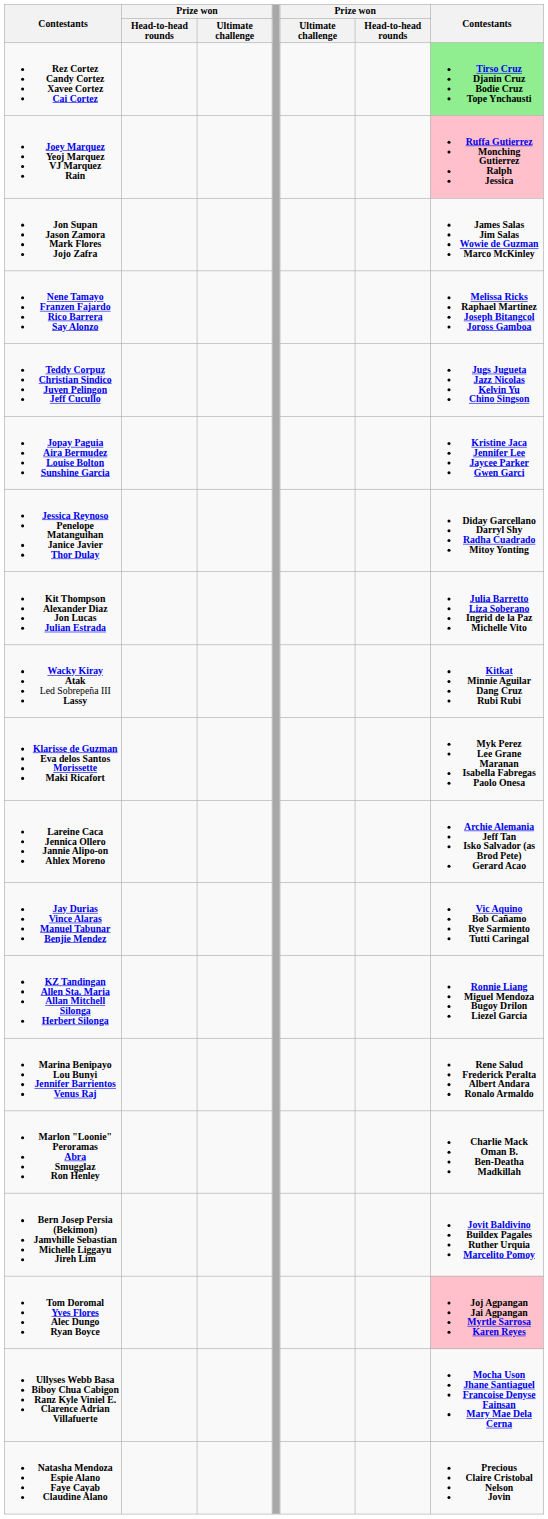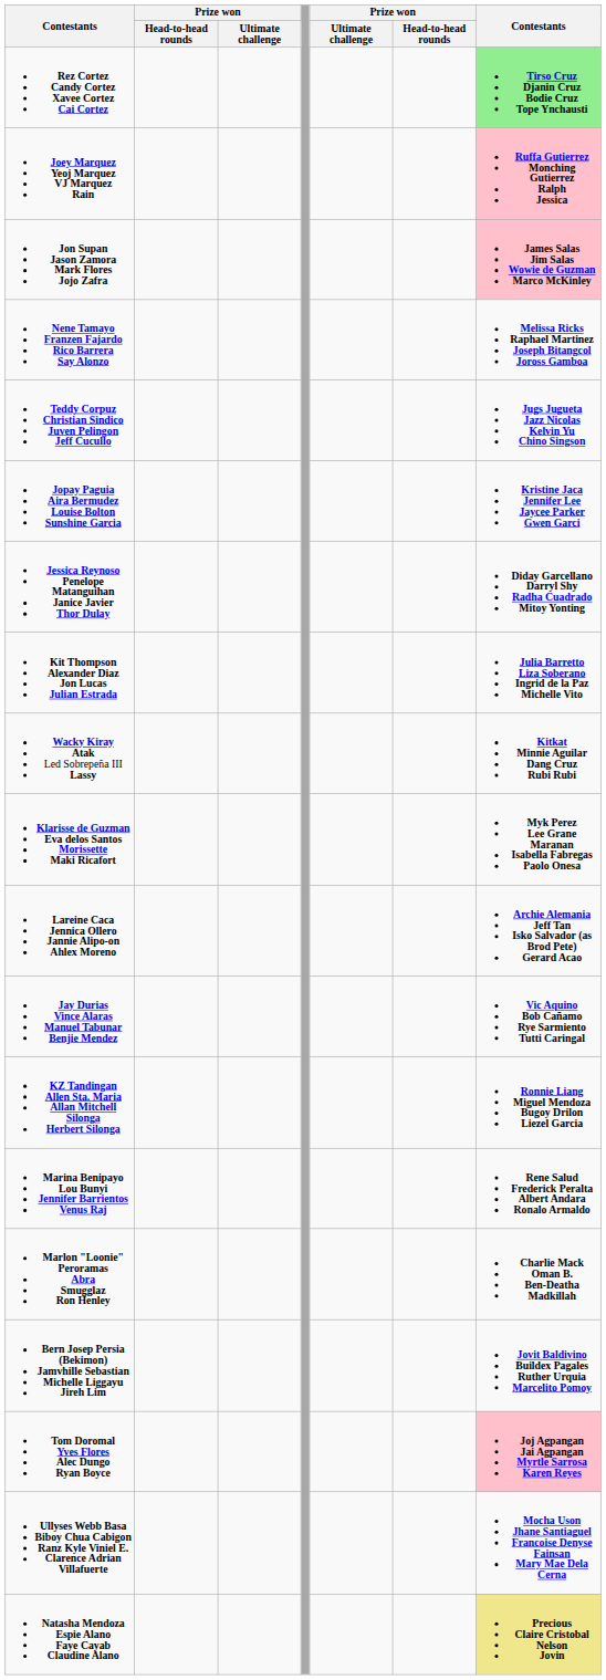 <table class="wikitable" style="text-align:center; line-height:16px; font-size:100%;" width="70%">
 <tr>
 <th rowspan="2" width="15%">Contestants</th>
 <th colspan="2" width="20%">Prize won</th>
 <th width="1%" rowspan="99" style="background:#A8A8A8;"></th>
 <th colspan="2" width="20%">Prize won</th>
 <th rowspan="2" width="15%">Contestants</th>
 </tr>
 <tr>
 <th width="10%">Head-to-head rounds</th>
 <th width="10%">Ultimate challenge</th>
 <th width="10%">Ultimate challenge</th>
 <th width="10%">Head-to-head rounds</th>
 </tr>
 <tr>
 <td><br><ul><li><strong>Rez Cortez</strong></li><li><strong>Candy Cortez</strong></li><li><strong>Xavee Cortez</strong></li><li><strong><a href='#'>Cai Cortez</a></strong></li></ul></td>
 <td></td>
 <td></td>
 <td><strong></strong></td>
 <td><strong></strong></td>
 <td style="background: lightgreen;"><br><ul><li><strong><a href='#'>Tirso Cruz</a></strong></li><li><strong>Djanin Cruz</strong></li><li><strong>Bodie Cruz</strong></li><li><strong>Tope Ynchausti</strong></li></ul></td>
 </tr>
 <tr>
 <td><br><ul><li><strong><a href='#'>Joey Marquez</a></strong></li><li><strong>Yeoj Marquez</strong></li><li><strong>VJ Marquez</strong></li><li><strong>Rain</strong></li></ul></td>
 <td><strong></strong></td>
 <td><strong></strong></td>
 <td></td>
 <td></td>
 <td style="background: pink;"><br><ul><li><strong><a href='#'>Ruffa Gutierrez</a></strong></li><li><strong>Monching Gutierrez</strong></li><li><strong>Ralph</strong></li><li><strong>Jessica</strong></li></ul></td>
 </tr>
 <tr>
 <td><br><ul><li><strong>Jon Supan</strong></li><li><strong>Jason Zamora</strong></li><li><strong>Mark Flores</strong></li><li><strong>Jojo Zafra</strong></li></ul></td>
 <td></td>
 <td></td>
 <td></td>
 <td><strong></strong></td>
-<td><br><ul><li><strong>James Salas</strong></li><li><strong>Jim Salas</strong></li><li><strong><a href='#'>Wowie de Guzman</a></strong></li><li><strong>Marco McKinley</strong></li></ul></td>
+<td style="background: pink;"><br><ul><li><strong>James Salas</strong></li><li><strong>Jim Salas</strong></li><li><strong><a href='#'>Wowie de Guzman</a></strong></li><li><strong>Marco McKinley</strong></li></ul></td>
 </tr>
 <tr>
 <td><br><ul><li><strong><a href='#'>Nene Tamayo</a></strong></li><li><strong><a href='#'>Franzen Fajardo</a></strong></li><li><strong><a href='#'>Rico Barrera</a></strong></li><li><strong><a href='#'>Say Alonzo</a></strong></li></ul></td>
 <td><strong></strong></td>
 <td></td>
 <td></td>
 <td></td>
 <td><br><ul><li><strong><a href='#'>Melissa Ricks</a></strong></li><li><strong>Raphael Martinez</strong></li><li><strong><a href='#'>Joseph Bitangcol</a></strong></li><li><strong><a href='#'>Joross Gamboa</a></strong></li></ul></td>
 </tr>
 <tr>
 <td><br><ul><li><strong><a href='#'>Teddy Corpuz</a></strong></li><li><strong><a href='#'>Christian Sindico</a></strong></li><li><strong><a href='#'>Juven Pelingon</a></strong></li><li><strong><a href='#'>Jeff Cucullo</a></strong></li></ul></td>
 <td><strong></strong></td>
 <td></td>
 <td></td>
 <td></td>
 <td><br><ul><li><strong><a href='#'>Jugs Jugueta</a></strong></li><li><strong><a href='#'>Jazz Nicolas</a></strong></li><li><strong><a href='#'>Kelvin Yu</a></strong></li><li><strong><a href='#'>Chino Singson</a></strong></li></ul></td>
 </tr>
 <tr>
 <td><br><ul><li><strong><a href='#'>Jopay Paguia</a></strong></li><li><strong><a href='#'>Aira Bermudez</a></strong></li><li><strong><a href='#'>Louise Bolton</a></strong></li><li><strong><a href='#'>Sunshine Garcia</a></strong></li></ul></td>
 <td><strong></strong></td>
 <td></td>
 <td></td>
 <td></td>
 <td><br><ul><li><strong><a href='#'>Kristine Jaca</a></strong></li><li><strong><a href='#'>Jennifer Lee</a></strong></li><li><strong><a href='#'>Jaycee Parker</a></strong></li><li><strong><a href='#'>Gwen Garci</a></strong></li></ul></td>
 </tr>
 <tr>
 <td><br><ul><li><strong><a href='#'>Jessica Reynoso</a></strong></li><li><strong>Penelope Matanguihan</strong></li><li><strong>Janice Javier</strong></li><li><strong><a href='#'>Thor Dulay</a></strong></li></ul></td>
 <td><strong></strong></td>
 <td></td>
 <td></td>
 <td></td>
 <td><br><ul><li><strong>Diday Garcellano</strong></li><li><strong>Darryl Shy</strong></li><li><strong><a href='#'>Radha Cuadrado</a></strong></li><li><strong>Mitoy Yonting</strong></li></ul></td>
 </tr>
 <tr>
 <td><br><ul><li><strong>Kit Thompson</strong></li><li><strong>Alexander Diaz</strong></li><li><strong>Jon Lucas</strong></li><li><strong><a href='#'>Julian Estrada</a></strong></li></ul></td>
 <td><strong></strong></td>
 <td><strong></strong></td>
 <td></td>
 <td></td>
 <td><br><ul><li><strong><a href='#'>Julia Barretto</a></strong></li><li><strong><a href='#'>Liza Soberano</a></strong></li><li><strong>Ingrid de la Paz</strong></li><li><strong>Michelle Vito</strong></li></ul></td>
 </tr>
 <tr>
 <td><br><ul><li><strong><a href='#'>Wacky Kiray</a></strong></li><li><strong>Atak</strong></li><li>Led Sobrepeña III</li><li><strong>Lassy</strong></li></ul></td>
 <td></td>
 <td></td>
 <td></td>
 <td><strong></strong></td>
 <td><br><ul><li><strong><a href='#'>Kitkat</a></strong></li><li><strong>Minnie Aguilar</strong></li><li><strong>Dang Cruz</strong></li><li><strong>Rubi Rubi</strong></li></ul></td>
 </tr>
 <tr>
 <td><br><ul><li><strong><a href='#'>Klarisse de Guzman</a></strong></li><li><strong>Eva delos Santos</strong></li><li><strong><a href='#'>Morissette</a></strong></li><li><strong>Maki Ricafort</strong></li></ul></td>
 <td><strong></strong></td>
 <td><strong></strong></td>
 <td></td>
 <td></td>
 <td><br><ul><li><strong>Myk Perez</strong></li><li><strong>Lee Grane Maranan</strong></li><li><strong>Isabella Fabregas</strong></li><li><strong>Paolo Onesa</strong></li></ul></td>
 </tr>
 <tr>
 <td><br><ul><li><strong>Lareine Caca</strong></li><li><strong>Jennica Ollero</strong></li><li><strong>Jannie Alipo-on</strong></li><li><strong>Ahlex Moreno</strong></li></ul></td>
 <td><strong></strong></td>
 <td></td>
 <td></td>
 <td></td>
 <td><br><ul><li><strong><a href='#'>Archie Alemania</a></strong></li><li><strong>Jeff Tan</strong></li><li><strong>Isko Salvador (as Brod Pete)</strong></li><li><strong>Gerard Acao</strong></li></ul></td>
 </tr>
 <tr>
 <td><br><ul><li><strong><a href='#'>Jay Durias</a></strong></li><li><strong><a href='#'>Vince Alaras</a></strong></li><li><strong><a href='#'>Manuel Tabunar</a></strong></li><li><strong><a href='#'>Benjie Mendez</a></strong></li></ul></td>
 <td><strong></strong></td>
 <td><strong></strong></td>
 <td></td>
 <td></td>
 <td><br><ul><li><strong><a href='#'>Vic Aquino</a></strong></li><li><strong>Bob Cañamo</strong></li><li><strong>Rye Sarmiento</strong></li><li><strong>Tutti Caringal</strong></li></ul></td>
 </tr>
 <tr>
 <td><br><ul><li><strong><a href='#'>KZ Tandingan</a></strong></li><li><strong><a href='#'>Allen Sta. Maria</a></strong></li><li><strong><a href='#'>Allan Mitchell Silonga</a></strong></li><li><strong><a href='#'>Herbert Silonga</a></strong></li></ul></td>
 <td></td>
 <td></td>
 <td><strong></strong></td>
 <td><strong></strong></td>
 <td><br><ul><li><strong><a href='#'>Ronnie Liang</a></strong></li><li><strong>Miguel Mendoza</strong></li><li><strong>Bugoy Drilon</strong></li><li><strong>Liezel Garcia</strong></li></ul></td>
 </tr>
 <tr>
 <td><br><ul><li><strong>Marina Benipayo</strong></li><li><strong>Lou Bunyi</strong></li><li><strong><a href='#'>Jennifer Barrientos</a></strong></li><li><strong><a href='#'>Venus Raj</a></strong></li></ul></td>
 <td><strong></strong></td>
 <td><strong></strong></td>
 <td></td>
 <td></td>
 <td><br><ul><li><strong>Rene Salud</strong></li><li><strong>Frederick Peralta</strong></li><li><strong>Albert Andara</strong></li><li><strong>Ronalo Armaldo</strong></li></ul></td>
 </tr>
 <tr>
 <td><br><ul><li><strong>Marlon "Loonie" Peroramas</strong></li><li><strong><a href='#'>Abra</a></strong></li><li><strong>Smugglaz</strong></li><li><strong>Ron Henley</strong></li></ul></td>
 <td></td>
 <td></td>
 <td></td>
 <td><strong></strong></td>
 <td><br><ul><li><strong>Charlie Mack</strong></li><li><strong>Oman B.</strong></li><li><strong>Ben-Deatha</strong></li><li><strong>Madkillah</strong></li></ul></td>
 </tr>
 <tr>
 <td><br><ul><li><strong>Bern Josep Persia (Bekimon)</strong></li><li><strong>Jamvhille Sebastian</strong></li><li><strong>Michelle Liggayu</strong></li><li><strong>Jireh Lim</strong></li></ul></td>
 <td></td>
 <td></td>
 <td></td>
 <td><strong></strong></td>
 <td><br><ul><li><strong><a href='#'>Jovit Baldivino</a></strong></li><li><strong>Buildex Pagales</strong></li><li><strong>Ruther Urquia</strong></li><li><strong><a href='#'>Marcelito Pomoy</a></strong></li></ul></td>
 </tr>
 <tr>
 <td><br><ul><li><strong>Tom Doromal</strong></li><li><strong><a href='#'>Yves Flores</a></strong></li><li><strong>Alec Dungo</strong></li><li><strong>Ryan Boyce</strong></li></ul></td>
 <td><strong></strong></td>
 <td><strong></strong></td>
 <td></td>
 <td></td>
 <td style="background: pink;"><br><ul><li><strong>Joj Agpangan</strong></li><li><strong>Jai Agpangan</strong></li><li><strong><a href='#'>Myrtle Sarrosa</a></strong></li><li><strong><a href='#'>Karen Reyes</a></strong></li></ul></td>
 </tr>
 <tr>
 <td><br><ul><li><strong>Ullyses Webb Basa</strong></li><li><strong>Biboy Chua Cabigon</strong></li><li><strong>Ranz Kyle Viniel E.</strong></li><li><strong>Clarence Adrian Villafuerte</strong></li></ul></td>
 <td></td>
 <td></td>
 <td></td>
 <td><strong></strong></td>
 <td><br><ul><li><strong><a href='#'>Mocha Uson</a></strong></li><li><strong><a href='#'>Jhane Santiaguel</a></strong></li><li><strong><a href='#'>Francoise Denyse Fainsan</a></strong></li><li><strong><a href='#'>Mary Mae Dela Cerna</a></strong></li></ul></td>
 </tr>
 <tr>
 <td><br><ul><li><strong>Natasha Mendoza</strong></li><li><strong>Espie Alano</strong></li><li><strong>Faye Cayab</strong></li><li><strong>Claudine Alano</strong></li></ul></td>
 <td></td>
 <td></td>
 <td><strong></strong></td>
 <td><strong></strong></td>
-<td><br><ul><li><strong>Precious</strong></li><li><strong>Claire Cristobal</strong></li><li><strong>Nelson</strong></li><li><strong>Jovin</strong></li></ul></td>
+<td style="background: khaki;"><br><ul><li><strong>Precious</strong></li><li><strong>Claire Cristobal</strong></li><li><strong>Nelson</strong></li><li><strong>Jovin</strong></li></ul></td>
 </tr>
 </table>
